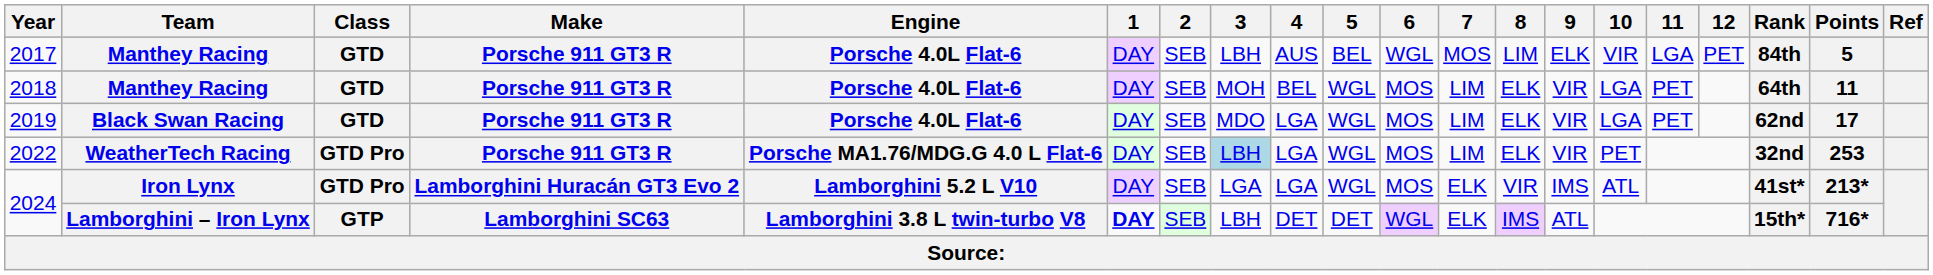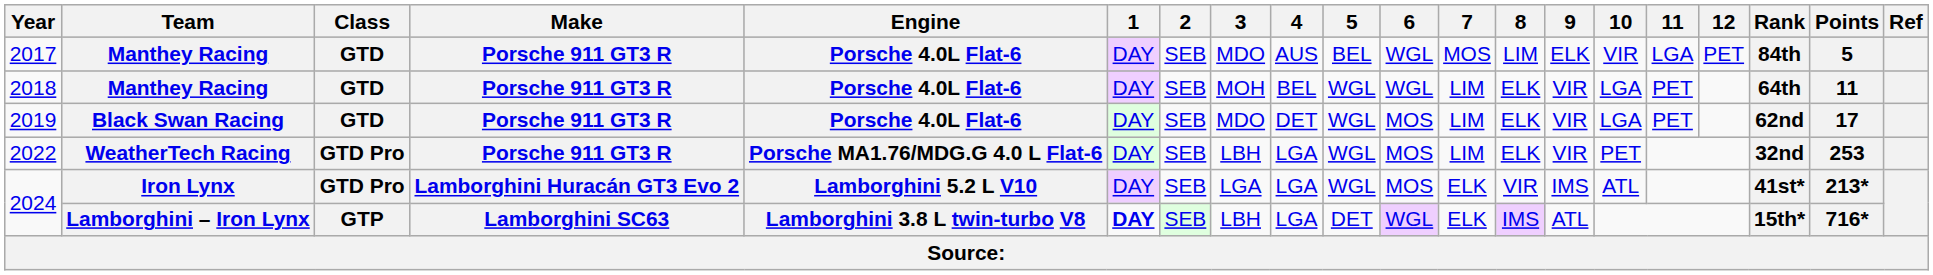 <table class="wikitable" style="text-align:center; font-size:85%">
 <tr>
 <th>Year</th>
 <th>Team</th>
 <th>Class</th>
 <th>Make</th>
 <th>Engine</th>
 <th>1</th>
 <th>2</th>
 <th>3</th>
 <th>4</th>
 <th>5</th>
 <th>6</th>
 <th>7</th>
 <th>8</th>
 <th>9</th>
 <th>10</th>
 <th>11</th>
 <th>12</th>
 <th>Rank</th>
 <th>Points</th>
 <th>Ref</th>
 </tr>
 <tr>
 <td><a href='#'>2017</a></td>
 <th nowrap><a href='#'>Manthey Racing</a></th>
 <th>GTD</th>
 <th nowrap><a href='#'>Porsche 911 GT3 R</a></th>
 <th nowrap><a href='#'>Porsche</a> 4.0L <a href='#'>Flat-6</a></th>
 <td style="background:#EFCFFF;"><a href='#'>DAY</a><br></td>
 <td><a href='#'>SEB</a><br></td>
-<td><a href='#'>LBH</a><br></td>
+<td><a href='#'>MDO</a><br></td>
 <td><a href='#'>AUS</a><br></td>
 <td><a href='#'>BEL</a><br></td>
 <td><a href='#'>WGL</a><br></td>
 <td><a href='#'>MOS</a><br></td>
 <td><a href='#'>LIM</a><br></td>
 <td><a href='#'>ELK</a><br></td>
 <td><a href='#'>VIR</a><br></td>
 <td><a href='#'>LGA</a><br></td>
 <td><a href='#'>PET</a><br></td>
 <th>84th</th>
 <th>5</th>
 <th></th>
 </tr>
 <tr>
 <td><a href='#'>2018</a></td>
 <th nowrap><a href='#'>Manthey Racing</a></th>
 <th>GTD</th>
 <th nowrap><a href='#'>Porsche 911 GT3 R</a></th>
 <th nowrap><a href='#'>Porsche</a> 4.0L <a href='#'>Flat-6</a></th>
 <td style="background:#EFCFFF;"><a href='#'>DAY</a><br></td>
 <td><a href='#'>SEB</a><br></td>
 <td><a href='#'>MOH</a><br></td>
 <td><a href='#'>BEL</a><br></td>
 <td><a href='#'>WGL</a><br></td>
-<td><a href='#'>MOS</a><br></td>
+<td><a href='#'>WGL</a><br></td>
 <td><a href='#'>LIM</a><br></td>
 <td><a href='#'>ELK</a><br></td>
 <td><a href='#'>VIR</a><br></td>
 <td><a href='#'>LGA</a><br></td>
 <td><a href='#'>PET</a><br></td>
 <td></td>
 <th>64th</th>
 <th>11</th>
 <th></th>
 </tr>
 <tr>
 <td><a href='#'>2019</a></td>
 <th nowrap><a href='#'>Black Swan Racing</a></th>
 <th>GTD</th>
 <th nowrap><a href='#'>Porsche 911 GT3 R</a></th>
 <th nowrap><a href='#'>Porsche</a> 4.0L <a href='#'>Flat-6</a></th>
 <td style="background:#DFFFDF;"><a href='#'>DAY</a><br></td>
 <td><a href='#'>SEB</a><br></td>
 <td><a href='#'>MDO</a><br></td>
-<td><a href='#'>LGA</a></td>
+<td><a href='#'>DET</a><br></td>
 <td><a href='#'>WGL</a><br></td>
 <td><a href='#'>MOS</a><br></td>
 <td><a href='#'>LIM</a><br></td>
 <td><a href='#'>ELK</a><br></td>
 <td><a href='#'>VIR</a><br></td>
 <td><a href='#'>LGA</a><br></td>
 <td><a href='#'>PET</a><br></td>
 <td></td>
 <th>62nd</th>
 <th>17</th>
 <th></th>
 </tr>
 <tr>
 <td><a href='#'>2022</a></td>
 <th nowrap><a href='#'>WeatherTech Racing</a></th>
 <th nowrap>GTD Pro</th>
 <th nowrap><a href='#'>Porsche 911 GT3 R</a></th>
 <th nowrap><a href='#'>Porsche</a> MA1.76/MDG.G 4.0 L <a href='#'>Flat-6</a></th>
 <td style="background:#DFFFDF;"><a href='#'>DAY</a><br></td>
 <td><a href='#'>SEB</a><br></td>
-<td style="background: lightblue;"><a href='#'>LBH</a><br></td>
+<td><a href='#'>LBH</a><br></td>
 <td><a href='#'>LGA</a><br></td>
 <td><a href='#'>WGL</a><br></td>
 <td><a href='#'>MOS</a><br></td>
 <td><a href='#'>LIM</a><br></td>
 <td style="background:#;”"><a href='#'>ELK</a><br></td>
 <td style="background:#;”"><a href='#'>VIR</a><br></td>
 <td><a href='#'>PET</a> <br></td>
 <td colspan=2></td>
 <th>32nd</th>
 <th>253</th>
 <th></th>
 </tr>
 <tr>
 <td rowspan="2"><a href='#'>2024</a></td>
 <th nowrap><a href='#'>Iron Lynx</a></th>
 <th nowrap>GTD Pro</th>
 <th nowrap><a href='#'>Lamborghini Huracán GT3 Evo 2</a></th>
 <th nowrap><a href='#'>Lamborghini</a> 5.2 L <a href='#'>V10</a></th>
 <td style="background:#EFCFFF;"><a href='#'>DAY</a><br></td>
 <td><a href='#'>SEB</a></td>
 <td><a href='#'>LGA</a></td>
 <td><a href='#'>LGA</a></td>
 <td><a href='#'>WGL</a></td>
 <td><a href='#'>MOS</a></td>
 <td><a href='#'>ELK</a></td>
 <td><a href='#'>VIR</a></td>
 <td><a href='#'>IMS</a></td>
 <td><a href='#'>ATL</a></td>
 <td colspan=2></td>
 <th>41st*</th>
 <th>213*</th>
 <th rowspan="2"></th>
 </tr>
 <tr>
 <th nowrap><a href='#'>Lamborghini</a> – <a href='#'>Iron Lynx</a></th>
 <th>GTP</th>
 <th nowrap><a href='#'>Lamborghini SC63</a></th>
 <th nowrap><a href='#'>Lamborghini</a> 3.8 L <a href='#'>twin-turbo</a> <a href='#'>V8</a></th>
 <td><strong><a href='#'>DAY</a></strong></td>
 <td style="background:#DFFFDF;"><a href='#'>SEB</a><br></td>
 <td><a href='#'>LBH</a></td>
-<td><a href='#'>DET</a><br></td>
+<td><a href='#'>LGA</a></td>
 <td><a href='#'>DET</a></td>
 <td style="background:#EFCFFF;"><a href='#'>WGL</a><br></td>
 <td><a href='#'>ELK</a></td>
 <td style="background:#EFCFFF;"><a href='#'>IMS</a><br></td>
 <td><a href='#'>ATL</a></td>
 <td colspan=3></td>
 <th>15th*</th>
 <th>716*</th>
 </tr>
 <tr>
 <th colspan="20">Source:</th>
 </tr>
 </table>
